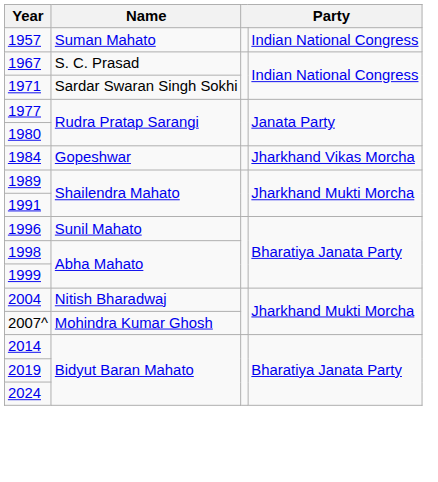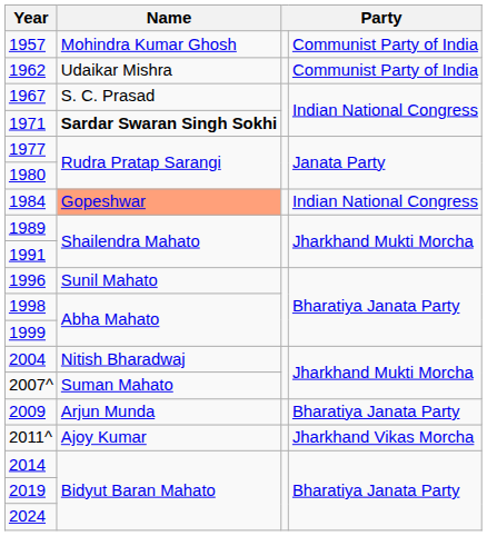 <table class="wikitable">
 <tr>
 <th>Year</th>
 <th>Name</th>
 <th colspan="2">Party</th>
 </tr>
 <tr>
 <td><a href='#'>1957</a></td>
-<td><a href='#'>Suman Mahato</a></td>
+<td><a href='#'>Mohindra Kumar Ghosh</a></td>
 <td style="background-color: "></td>
-<td><a href='#'>Indian National Congress</a></td>
+<td><a href='#'>Communist Party of India</a></td>
+</tr>
+<tr>
+<td><a href='#'>1962</a></td>
+<td>Udaikar Mishra</td>
+<td style="background-color: "></td>
+<td><a href='#'>Communist Party of India</a></td>
 </tr>
 <tr>
 <td><a href='#'>1967</a></td>
 <td>S. C. Prasad</td>
 <td rowspan="2" style="background-color: "></td>
 <td rowspan="2"><a href='#'>Indian National Congress</a></td>
 </tr>
 <tr>
 <td><a href='#'>1971</a></td>
-<td>Sardar Swaran Singh Sokhi</td>
+<td><strong>Sardar Swaran Singh Sokhi</strong></td>
 </tr>
 <tr>
 <td><a href='#'>1977</a></td>
 <td rowspan="2"><a href='#'>Rudra Pratap Sarangi</a></td>
 <td rowspan="2" style="background-color: "></td>
 <td rowspan="2"><a href='#'>Janata Party</a></td>
 </tr>
 <tr>
 <td><a href='#'>1980</a></td>
 </tr>
 <tr>
 <td><a href='#'>1984</a></td>
-<td><a href='#'>Gopeshwar</a></td>
+<td style="background: lightsalmon;"><a href='#'>Gopeshwar</a></td>
 <td style="background-color: "></td>
-<td><a href='#'>Jharkhand Vikas Morcha</a></td>
+<td><a href='#'>Indian National Congress</a></td>
 </tr>
 <tr>
 <td><a href='#'>1989</a></td>
 <td rowspan="2"><a href='#'>Shailendra Mahato</a></td>
 <td rowspan="2" style="background-color: "></td>
 <td rowspan="2"><a href='#'>Jharkhand Mukti Morcha</a></td>
 </tr>
 <tr>
 <td><a href='#'>1991</a></td>
 </tr>
 <tr>
 <td><a href='#'>1996</a></td>
 <td><a href='#'>Sunil Mahato</a></td>
 <td rowspan="3" style="background-color: "></td>
 <td rowspan="3"><a href='#'>Bharatiya Janata Party</a></td>
 </tr>
 <tr>
 <td><a href='#'>1998</a></td>
 <td rowspan="2"><a href='#'>Abha Mahato</a></td>
 </tr>
 <tr>
 <td><a href='#'>1999</a></td>
 </tr>
 <tr>
 <td><a href='#'>2004</a></td>
 <td><a href='#'>Nitish Bharadwaj</a></td>
 <td rowspan="2" style="background-color: "></td>
 <td rowspan="2"><a href='#'>Jharkhand Mukti Morcha</a></td>
 </tr>
 <tr>
 <td>2007^</td>
-<td><a href='#'>Mohindra Kumar Ghosh</a></td>
+<td><a href='#'>Suman Mahato</a></td>
+</tr>
+<tr>
+<td><a href='#'>2009</a></td>
+<td><a href='#'>Arjun Munda</a></td>
+<td style="background-color: "></td>
+<td><a href='#'>Bharatiya Janata Party</a></td>
+</tr>
+<tr>
+<td>2011^</td>
+<td><a href='#'>Ajoy Kumar</a></td>
+<td style="background-color: "></td>
+<td><a href='#'>Jharkhand Vikas Morcha</a></td>
 </tr>
 <tr>
 <td><a href='#'>2014</a></td>
 <td rowspan="3"><a href='#'>Bidyut Baran Mahato</a></td>
 <td rowspan="3" style="background-color: "></td>
 <td rowspan="3"><a href='#'>Bharatiya Janata Party</a></td>
 </tr>
 <tr>
 <td><a href='#'>2019</a></td>
 </tr>
 <tr>
 <td><a href='#'>2024</a></td>
 </tr>
 </table>
